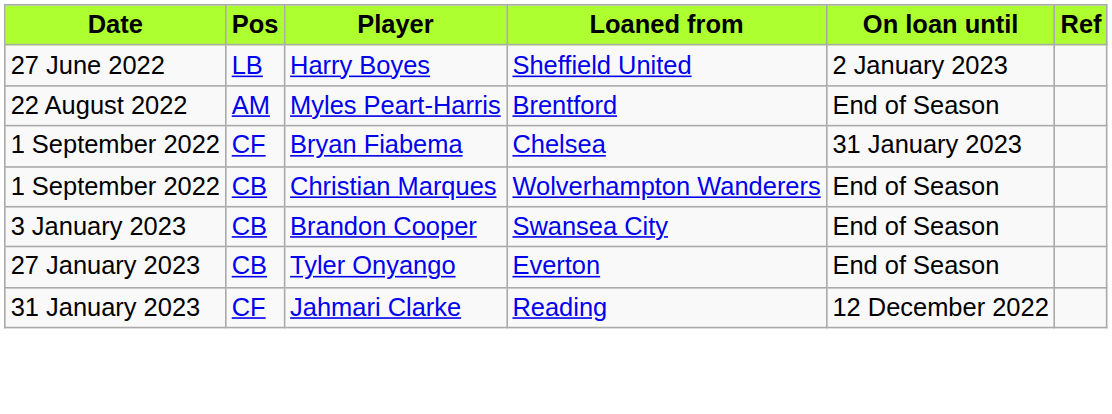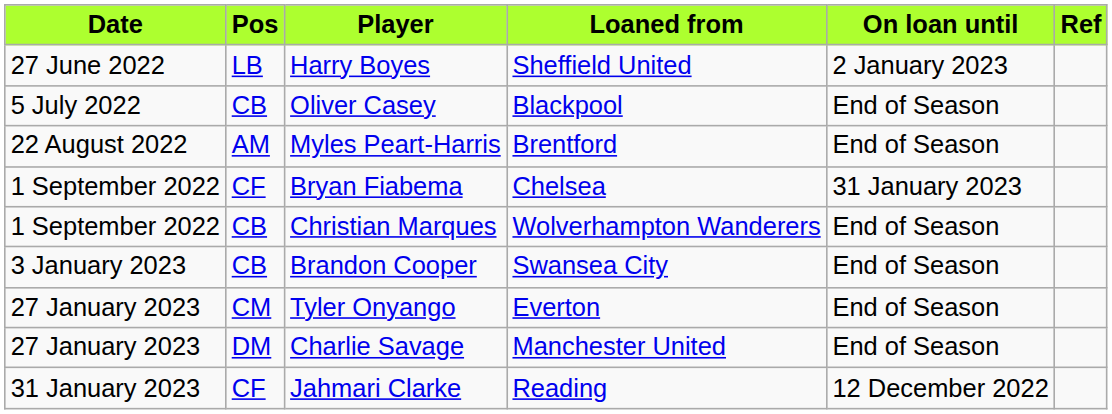 <table class="wikitable plainrowheaders sortable">
 <tr>
 <th style="background:#ADFF2F; color:#000000; ">Date</th>
 <th style="background:#ADFF2F; color:#000000; ">Pos</th>
 <th style="background:#ADFF2F; color:#000000; ">Player</th>
 <th style="background:#ADFF2F; color:#000000; ">Loaned from</th>
 <th style="background:#ADFF2F; color:#000000; ">On loan until</th>
 <th style="background:#ADFF2F; color:#000000; ">Ref</th>
 </tr>
 <tr>
 <td>27 June 2022</td>
 <td><a href='#'>LB</a></td>
 <td> <a href='#'>Harry Boyes</a></td>
 <td> <a href='#'>Sheffield United</a></td>
 <td>2 January 2023</td>
+<td></td>
+</tr>
+<tr>
+<td>5 July 2022</td>
+<td><a href='#'>CB</a></td>
+<td> <a href='#'>Oliver Casey</a></td>
+<td> <a href='#'>Blackpool</a></td>
+<td>End of Season</td>
 <td></td>
 </tr>
 <tr>
 <td>22 August 2022</td>
 <td><a href='#'>AM</a></td>
 <td> <a href='#'>Myles Peart-Harris</a></td>
 <td> <a href='#'>Brentford</a></td>
 <td>End of Season</td>
 <td></td>
 </tr>
 <tr>
 <td>1 September 2022</td>
 <td><a href='#'>CF</a></td>
 <td> <a href='#'>Bryan Fiabema</a></td>
 <td> <a href='#'>Chelsea</a></td>
 <td>31 January 2023</td>
 <td></td>
 </tr>
 <tr>
 <td>1 September 2022</td>
 <td><a href='#'>CB</a></td>
 <td> <a href='#'>Christian Marques</a></td>
 <td> <a href='#'>Wolverhampton Wanderers</a></td>
 <td>End of Season</td>
 <td></td>
 </tr>
 <tr>
 <td>3 January 2023</td>
 <td><a href='#'>CB</a></td>
 <td> <a href='#'>Brandon Cooper</a></td>
 <td> <a href='#'>Swansea City</a></td>
 <td>End of Season</td>
 <td></td>
 </tr>
 <tr>
 <td>27 January 2023</td>
-<td><a href='#'>CB</a></td>
+<td><a href='#'>CM</a></td>
 <td> <a href='#'>Tyler Onyango</a></td>
 <td> <a href='#'>Everton</a></td>
+<td>End of Season</td>
+<td></td>
+</tr>
+<tr>
+<td>27 January 2023</td>
+<td><a href='#'>DM</a></td>
+<td> <a href='#'>Charlie Savage</a></td>
+<td> <a href='#'>Manchester United</a></td>
 <td>End of Season</td>
 <td></td>
 </tr>
 <tr>
 <td>31 January 2023</td>
 <td><a href='#'>CF</a></td>
 <td> <a href='#'>Jahmari Clarke</a></td>
 <td> <a href='#'>Reading</a></td>
 <td>12 December 2022</td>
 <td></td>
 </tr>
 </table>
